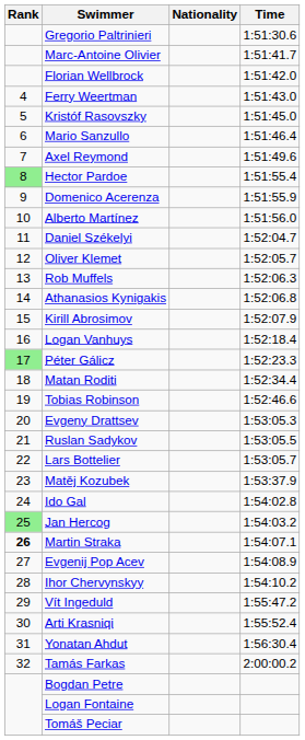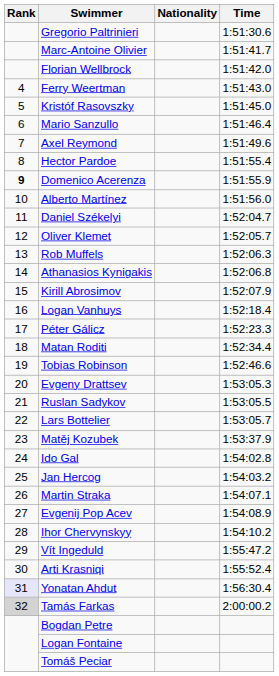 <table class="wikitable sortable" style="text-align:center">
 <tr>
 <th>Rank</th>
 <th>Swimmer</th>
 <th>Nationality</th>
 <th>Time</th>
 </tr>
 <tr>
 <td></td>
 <td align=left><a href='#'>Gregorio Paltrinieri</a></td>
 <td align=left></td>
 <td>1:51:30.6</td>
 </tr>
 <tr>
 <td></td>
 <td align=left><a href='#'>Marc-Antoine Olivier</a></td>
 <td align=left></td>
 <td>1:51:41.7</td>
 </tr>
 <tr>
 <td></td>
 <td align=left><a href='#'>Florian Wellbrock</a></td>
 <td align=left></td>
 <td>1:51:42.0</td>
 </tr>
 <tr>
 <td>4</td>
 <td align=left><a href='#'>Ferry Weertman</a></td>
 <td align=left></td>
 <td>1:51:43.0</td>
 </tr>
 <tr>
 <td>5</td>
 <td align=left><a href='#'>Kristóf Rasovszky</a></td>
 <td align=left></td>
 <td>1:51:45.0</td>
 </tr>
 <tr>
 <td>6</td>
 <td align=left><a href='#'>Mario Sanzullo</a></td>
 <td align=left></td>
 <td>1:51:46.4</td>
 </tr>
 <tr>
 <td>7</td>
 <td align=left><a href='#'>Axel Reymond</a></td>
 <td align=left></td>
 <td>1:51:49.6</td>
 </tr>
 <tr>
-<td style="background: lightgreen;">8</td>
+<td>8</td>
 <td align=left><a href='#'>Hector Pardoe</a></td>
 <td align=left></td>
 <td>1:51:55.4</td>
 </tr>
 <tr>
-<td>9</td>
+<td><strong>9</strong></td>
 <td align=left><a href='#'>Domenico Acerenza</a></td>
 <td align=left></td>
 <td>1:51:55.9</td>
 </tr>
 <tr>
 <td>10</td>
 <td align=left><a href='#'>Alberto Martínez</a></td>
 <td align=left></td>
 <td>1:51:56.0</td>
 </tr>
 <tr>
 <td>11</td>
 <td align=left><a href='#'>Daniel Székelyi</a></td>
 <td align=left></td>
 <td>1:52:04.7</td>
 </tr>
 <tr>
 <td>12</td>
 <td align=left><a href='#'>Oliver Klemet</a></td>
 <td align=left></td>
 <td>1:52:05.7</td>
 </tr>
 <tr>
 <td>13</td>
 <td align=left><a href='#'>Rob Muffels</a></td>
 <td align=left></td>
 <td>1:52:06.3</td>
 </tr>
 <tr>
 <td>14</td>
 <td align=left><a href='#'>Athanasios Kynigakis</a></td>
 <td align=left></td>
 <td>1:52:06.8</td>
 </tr>
 <tr>
 <td>15</td>
 <td align=left><a href='#'>Kirill Abrosimov</a></td>
 <td align=left></td>
 <td>1:52:07.9</td>
 </tr>
 <tr>
 <td>16</td>
 <td align=left><a href='#'>Logan Vanhuys</a></td>
 <td align=left></td>
 <td>1:52:18.4</td>
 </tr>
 <tr>
-<td style="background: lightgreen;">17</td>
+<td>17</td>
 <td align=left><a href='#'>Péter Gálicz</a></td>
 <td align=left></td>
 <td>1:52:23.3</td>
 </tr>
 <tr>
 <td>18</td>
 <td align=left><a href='#'>Matan Roditi</a></td>
 <td align=left></td>
 <td>1:52:34.4</td>
 </tr>
 <tr>
 <td>19</td>
 <td align=left><a href='#'>Tobias Robinson</a></td>
 <td align=left></td>
 <td>1:52:46.6</td>
 </tr>
 <tr>
 <td>20</td>
 <td align=left><a href='#'>Evgeny Drattsev</a></td>
 <td align=left></td>
 <td>1:53:05.3</td>
 </tr>
 <tr>
 <td>21</td>
 <td align=left><a href='#'>Ruslan Sadykov</a></td>
 <td align=left></td>
 <td>1:53:05.5</td>
 </tr>
 <tr>
 <td>22</td>
 <td align=left><a href='#'>Lars Bottelier</a></td>
 <td align=left></td>
 <td>1:53:05.7</td>
 </tr>
 <tr>
 <td>23</td>
 <td align=left><a href='#'>Matěj Kozubek</a></td>
 <td align=left></td>
 <td>1:53:37.9</td>
 </tr>
 <tr>
 <td>24</td>
 <td align=left><a href='#'>Ido Gal</a></td>
 <td align=left></td>
 <td>1:54:02.8</td>
 </tr>
 <tr>
-<td style="background: lightgreen;">25</td>
+<td>25</td>
 <td align=left><a href='#'>Jan Hercog</a></td>
 <td align=left></td>
 <td>1:54:03.2</td>
 </tr>
 <tr>
-<td><strong>26</strong></td>
+<td>26</td>
 <td align=left><a href='#'>Martin Straka</a></td>
 <td align=left></td>
 <td>1:54:07.1</td>
 </tr>
 <tr>
 <td>27</td>
 <td align=left><a href='#'>Evgenij Pop Acev</a></td>
 <td align=left></td>
 <td>1:54:08.9</td>
 </tr>
 <tr>
 <td>28</td>
 <td align=left><a href='#'>Ihor Chervynskyy</a></td>
 <td align=left></td>
 <td>1:54:10.2</td>
 </tr>
 <tr>
 <td>29</td>
 <td align=left><a href='#'>Vít Ingeduld</a></td>
 <td align=left></td>
 <td>1:55:47.2</td>
 </tr>
 <tr>
 <td>30</td>
 <td align=left><a href='#'>Arti Krasniqi</a></td>
 <td align=left></td>
 <td>1:55:52.4</td>
 </tr>
 <tr>
-<td>31</td>
+<td style="background: lavender;">31</td>
 <td align=left><a href='#'>Yonatan Ahdut</a></td>
 <td align=left></td>
 <td>1:56:30.4</td>
 </tr>
 <tr>
-<td>32</td>
+<td style="background: lightgrey;">32</td>
 <td align=left><a href='#'>Tamás Farkas</a></td>
 <td align=left></td>
 <td>2:00:00.2</td>
 </tr>
 <tr>
 <td rowspan=3></td>
 <td align=left><a href='#'>Bogdan Petre</a></td>
 <td align=left></td>
 <td></td>
 </tr>
 <tr>
 <td align=left><a href='#'>Logan Fontaine</a></td>
 <td align=left></td>
 <td></td>
 </tr>
 <tr>
 <td align=left><a href='#'>Tomáš Peciar</a></td>
 <td align=left></td>
 <td></td>
 </tr>
 </table>
